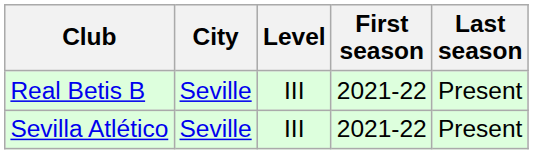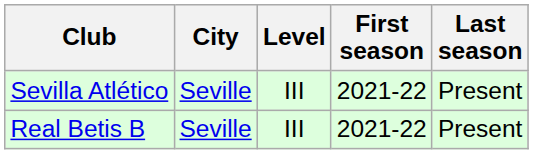 <table class="wikitable sortable" style="text-align: center;">
 <tr>
 <th>Club</th>
 <th>City</th>
 <th>Level</th>
 <th>First<br>season</th>
 <th>Last<br>season</th>
 </tr>
 <tr style="background:#DDFFDD">
+<td align="left"><a href='#'>Sevilla Atlético</a></td>
+<td><a href='#'>Seville</a></td>
+<td>III</td>
+<td>2021-22</td>
+<td>Present</td>
+</tr>
+<tr style="background:#DDFFDD">
 <td align="left"><a href='#'>Real Betis B</a></td>
 <td><a href='#'>Seville</a></td>
 <td>III</td>
 <td>2021-22</td>
 <td>Present</td>
 </tr>
-<tr style="background:#DDFFDD">
-<td align="left"><a href='#'>Sevilla Atlético</a></td>
-<td><a href='#'>Seville</a></td>
-<td>III</td>
-<td>2021-22</td>
-<td>Present</td>
-</tr>
 </table>
